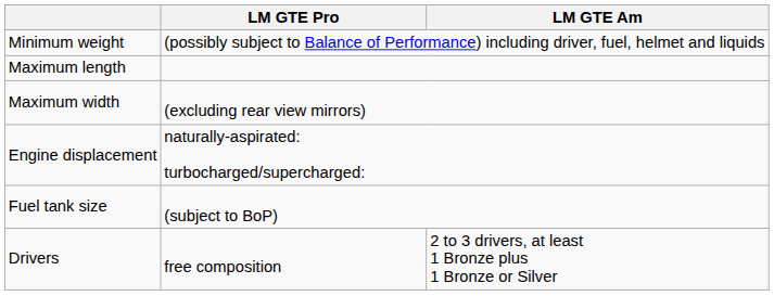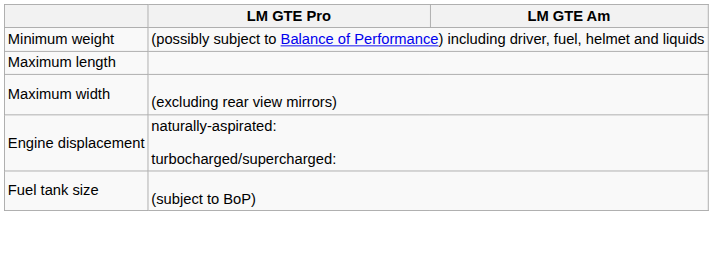 <table class= "wikitable">
 <tr>
 <th></th>
 <th>LM GTE Pro</th>
 <th>LM GTE Am</th>
 </tr>
 <tr>
 <td>Minimum weight</td>
 <td colspan=2> (possibly subject to <a href='#'>Balance of Performance</a>) including driver, fuel, helmet and liquids</td>
 </tr>
 <tr>
 <td>Maximum length</td>
 <td colspan=2><br></td>
 </tr>
 <tr>
 <td>Maximum width</td>
 <td colspan=2><br> (excluding rear view mirrors)</td>
 </tr>
 <tr>
 <td>Engine displacement</td>
 <td colspan=2>naturally-aspirated:<br><br>turbocharged/supercharged: </td>
 </tr>
 <tr>
 <td>Fuel tank size</td>
 <td colspan=2><br> (subject to BoP)</td>
 </tr>
-<tr>
-<td>Drivers</td>
-<td><br>free composition</td>
-<td>2 to 3 drivers, at least<br>1 Bronze plus <br>1 Bronze or Silver</td>
-</tr>
 </table>
